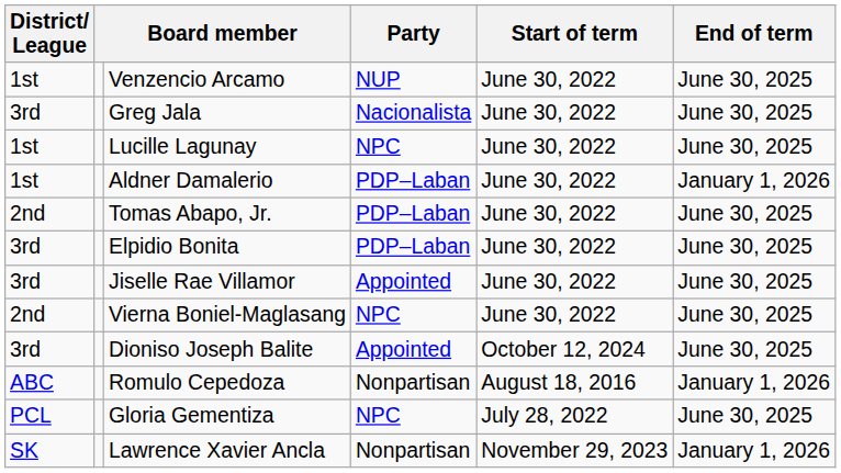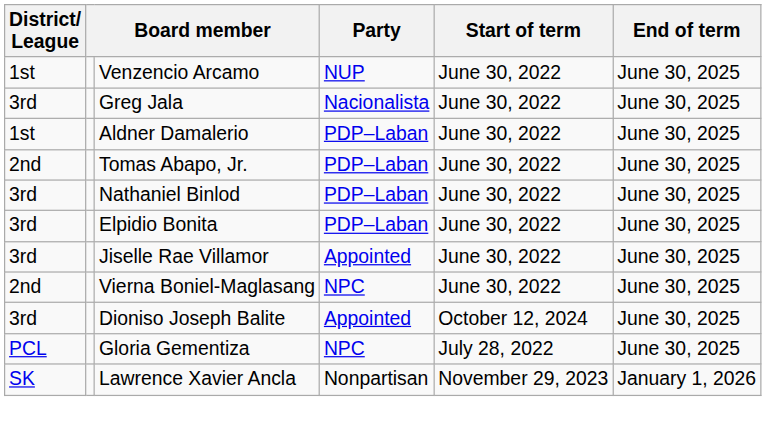 <table class="wikitable">
 <tr>
 <th>District/<br>League</th>
 <th colspan="2">Board member</th>
 <th>Party</th>
 <th>Start of term</th>
 <th>End of term</th>
 </tr>
 <tr>
 <td>1st</td>
 <td></td>
 <td>Venzencio Arcamo</td>
 <td><a href='#'>NUP</a></td>
 <td>June 30, 2022</td>
 <td>June 30, 2025</td>
 </tr>
 <tr>
 <td>3rd</td>
 <td></td>
 <td>Greg Jala</td>
 <td><a href='#'>Nacionalista</a></td>
 <td>June 30, 2022</td>
 <td>June 30, 2025</td>
 </tr>
 <tr>
 <td>1st</td>
 <td></td>
-<td>Lucille Lagunay</td>
-<td><a href='#'>NPC</a></td>
-<td>June 30, 2022</td>
-<td>June 30, 2025</td>
-</tr>
-<tr>
-<td>1st</td>
-<td></td>
 <td>Aldner Damalerio</td>
 <td><a href='#'>PDP–Laban</a></td>
 <td>June 30, 2022</td>
-<td>January 1, 2026</td>
+<td>June 30, 2025</td>
 </tr>
 <tr>
 <td>2nd</td>
 <td></td>
 <td>Tomas Abapo, Jr.</td>
+<td><a href='#'>PDP–Laban</a></td>
+<td>June 30, 2022</td>
+<td>June 30, 2025</td>
+</tr>
+<tr>
+<td>3rd</td>
+<td></td>
+<td>Nathaniel Binlod</td>
 <td><a href='#'>PDP–Laban</a></td>
 <td>June 30, 2022</td>
 <td>June 30, 2025</td>
 </tr>
 <tr>
 <td>3rd</td>
 <td></td>
 <td>Elpidio Bonita</td>
 <td><a href='#'>PDP–Laban</a></td>
 <td>June 30, 2022</td>
 <td>June 30, 2025</td>
 </tr>
 <tr>
 <td>3rd</td>
 <td></td>
 <td>Jiselle Rae Villamor</td>
 <td><a href='#'>Appointed</a></td>
 <td>June 30, 2022</td>
 <td>June 30, 2025</td>
 </tr>
 <tr>
 <td>2nd</td>
 <td></td>
 <td>Vierna Boniel-Maglasang</td>
 <td><a href='#'>NPC</a></td>
 <td>June 30, 2022</td>
 <td>June 30, 2025</td>
 </tr>
 <tr>
 <td>3rd</td>
 <td></td>
 <td>Dioniso Joseph Balite</td>
 <td><a href='#'>Appointed</a></td>
 <td>October 12, 2024</td>
 <td>June 30, 2025</td>
 </tr>
 <tr>
-<td><a href='#'>ABC</a></td>
-<td></td>
-<td>Romulo Cepedoza</td>
-<td>Nonpartisan</td>
-<td>August 18, 2016</td>
-<td>January 1, 2026</td>
-</tr>
-<tr>
 <td><a href='#'>PCL</a></td>
 <td></td>
 <td>Gloria Gementiza</td>
 <td><a href='#'>NPC</a></td>
 <td>July 28, 2022</td>
 <td>June 30, 2025</td>
 </tr>
 <tr>
 <td><a href='#'>SK</a></td>
 <td></td>
 <td>Lawrence Xavier Ancla</td>
 <td>Nonpartisan</td>
 <td>November 29, 2023</td>
 <td>January 1, 2026</td>
 </tr>
 </table>
